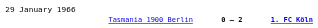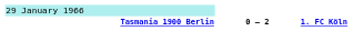 <table width=100% cellspacing=1>
 <tr>
 <th width=25%></th>
 <th width=10%></th>
 <th width=25%></th>
 <th></th>
 </tr>
 <tr>
-<td>29 January 1966</td>
+<td style="background: paleturquoise;">29 January 1966</td>
 </tr>
 <tr style=font-size:90%>
-<td align=right><a href='#'>Tasmania 1900 Berlin</a></td>
+<td align=right><strong><a href='#'>Tasmania 1900 Berlin</a></strong></td>
 <td align=center><strong>0 – 2</strong></td>
 <td><strong><a href='#'>1. FC Köln</a></strong></td>
 </tr>
 </table>
